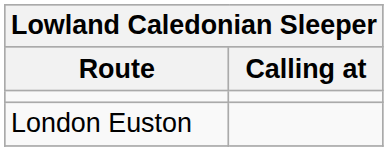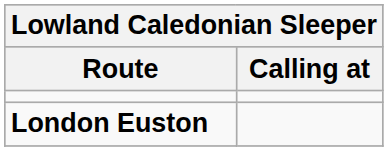 <table class="wikitable">
 <tr>
 <th colspan="3">Lowland Caledonian Sleeper</th>
 </tr>
 <tr>
 <th>Route</th>
 <th>Calling at</th>
 </tr>
 <tr>
 <td>  </td>
 <td></td>
 </tr>
 <tr>
-<td>London Euston  </td>
+<td><strong>London Euston  </strong></td>
 <td></td>
 </tr>
 </table>
